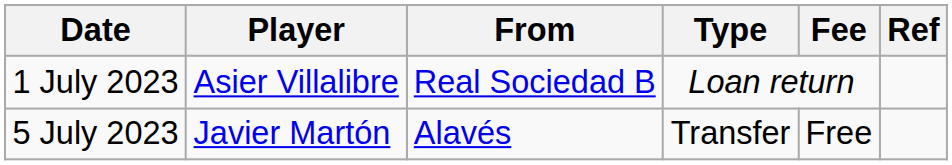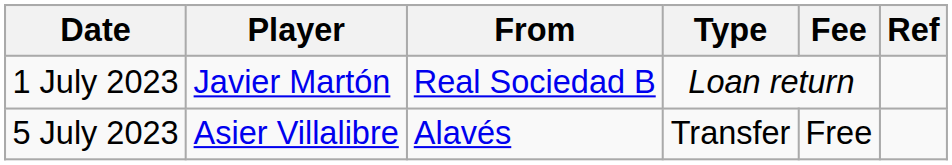 <table class="wikitable">
 <tr>
 <th>Date</th>
 <th>Player</th>
 <th>From</th>
 <th>Type</th>
 <th>Fee</th>
 <th>Ref</th>
 </tr>
 <tr>
 <td>1 July 2023</td>
-<td> <a href='#'>Asier Villalibre</a></td>
+<td> <a href='#'>Javier Martón</a></td>
 <td><a href='#'>Real Sociedad B</a></td>
 <td colspan=2 align=center><em>Loan return</em></td>
 <td></td>
 </tr>
 <tr>
 <td>5 July 2023</td>
-<td> <a href='#'>Javier Martón</a></td>
+<td> <a href='#'>Asier Villalibre</a></td>
 <td><a href='#'>Alavés</a></td>
 <td>Transfer</td>
 <td>Free</td>
 <td></td>
 </tr>
 </table>
